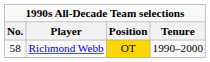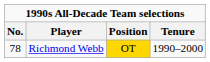 <table class="wikitable" style="text-align:center">
 <tr>
 <td colspan="4"><strong>1990s All-Decade Team selections</strong></td>
 </tr>
 <tr>
 <th>No.</th>
 <th>Player</th>
 <th>Position</th>
 <th>Tenure</th>
 </tr>
 <tr>
-<td>58</td>
+<td>78</td>
 <td><a href='#'>Richmond Webb</a></td>
 <td style="background: gold;">OT</td>
 <td>1990–2000</td>
 </tr>
 </table>
